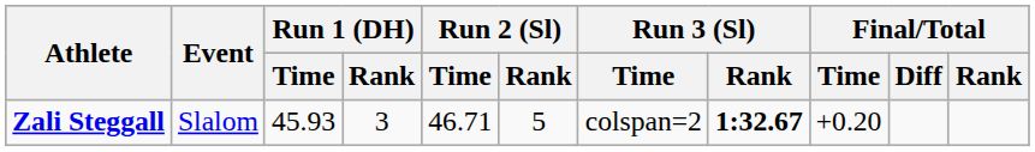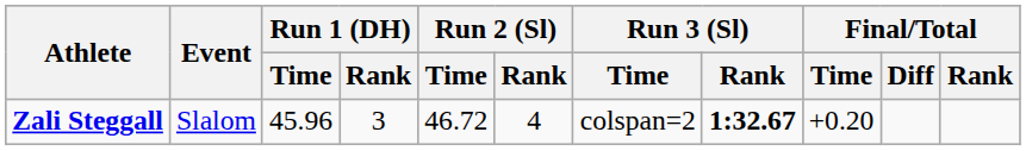 <table class="wikitable" style="font-size:90%">
 <tr>
 <th rowspan="2">Athlete</th>
 <th rowspan="2">Event</th>
 <th colspan="2">Run 1 (DH)</th>
 <th colspan="2">Run 2 (Sl)</th>
 <th colspan="2">Run 3 (Sl)</th>
 <th colspan="3">Final/Total</th>
 </tr>
 <tr>
 <th>Time</th>
 <th>Rank</th>
 <th>Time</th>
 <th>Rank</th>
 <th>Time</th>
 <th>Rank</th>
 <th>Time</th>
 <th>Diff</th>
 <th>Rank</th>
 </tr>
 <tr align="center">
 <td align="left"><strong><a href='#'>Zali Steggall</a></strong></td>
 <td align="left"><a href='#'>Slalom</a></td>
-<td>45.93</td>
+<td>45.96</td>
 <td>3</td>
-<td>46.71</td>
-<td>5</td>
+<td>46.72</td>
+<td>4</td>
 <td>colspan=2 </td>
 <td><strong>1:32.67</strong></td>
 <td>+0.20</td>
 <td></td>
 </tr>
 </table>
